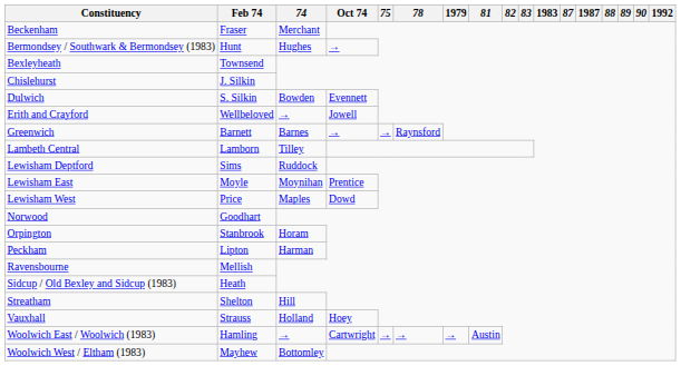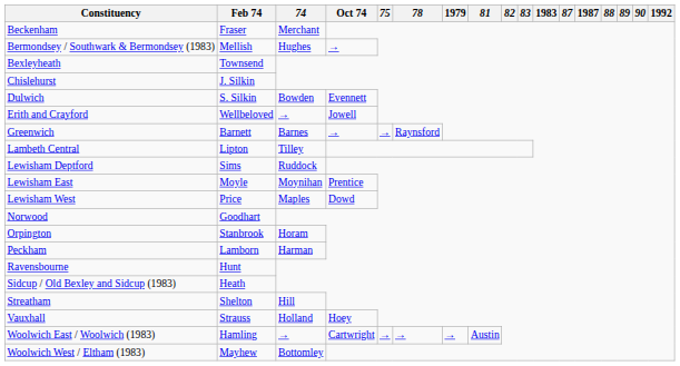 <table class="wikitable">
 <tr>
 <th>Constituency</th>
 <th>Feb 74</th>
 <th><em>74</em></th>
 <th>Oct 74</th>
 <th><em>75</em></th>
 <th><em>78</em></th>
 <th>1979</th>
 <th><em>81</em></th>
 <th><em>82</em></th>
 <th><em>83</em></th>
 <th>1983</th>
 <th><em>87</em></th>
 <th>1987</th>
 <th><em>88</em></th>
 <th><em>89</em></th>
 <th><em>90</em></th>
 <th>1992</th>
 </tr>
 <tr>
 <td><a href='#'>Beckenham</a></td>
 <td><a href='#'>Fraser</a></td>
 <td><a href='#'>Merchant</a></td>
 </tr>
 <tr>
 <td><a href='#'>Bermondsey</a> / <a href='#'>Southwark & Bermondsey</a> (1983)</td>
-<td><a href='#'>Hunt</a></td>
+<td><a href='#'>Mellish</a></td>
 <td><a href='#'>Hughes</a></td>
 <td><a href='#'>→</a></td>
 </tr>
 <tr>
 <td><a href='#'>Bexleyheath</a></td>
 <td><a href='#'>Townsend</a></td>
 </tr>
 <tr>
 <td><a href='#'>Chislehurst</a></td>
 <td><a href='#'>J. Silkin</a></td>
 </tr>
 <tr>
 <td><a href='#'>Dulwich</a></td>
 <td><a href='#'>S. Silkin</a></td>
 <td><a href='#'>Bowden</a></td>
 <td><a href='#'>Evennett</a></td>
 </tr>
 <tr>
 <td><a href='#'>Erith and Crayford</a></td>
 <td><a href='#'>Wellbeloved</a></td>
 <td><a href='#'>→</a></td>
 <td><a href='#'>Jowell</a></td>
 </tr>
 <tr>
 <td><a href='#'>Greenwich</a></td>
 <td><a href='#'>Barnett</a></td>
 <td><a href='#'>Barnes</a></td>
 <td><a href='#'>→</a></td>
 <td><a href='#'>→</a></td>
 <td><a href='#'>Raynsford</a></td>
 </tr>
 <tr>
 <td><a href='#'>Lambeth Central</a></td>
-<td><a href='#'>Lamborn</a></td>
+<td><a href='#'>Lipton</a></td>
 <td><a href='#'>Tilley</a></td>
 <td colspan="7"></td>
 </tr>
 <tr>
 <td><a href='#'>Lewisham Deptford</a></td>
 <td><a href='#'>Sims</a></td>
 <td><a href='#'>Ruddock</a></td>
 </tr>
 <tr>
 <td><a href='#'>Lewisham East</a></td>
 <td><a href='#'>Moyle</a></td>
 <td><a href='#'>Moynihan</a></td>
 <td><a href='#'>Prentice</a></td>
 </tr>
 <tr>
 <td><a href='#'>Lewisham West</a></td>
 <td><a href='#'>Price</a></td>
 <td><a href='#'>Maples</a></td>
 <td><a href='#'>Dowd</a></td>
 </tr>
 <tr>
 <td><a href='#'>Norwood</a></td>
 <td><a href='#'>Goodhart</a></td>
 </tr>
 <tr>
 <td><a href='#'>Orpington</a></td>
 <td><a href='#'>Stanbrook</a></td>
 <td><a href='#'>Horam</a></td>
 </tr>
 <tr>
 <td><a href='#'>Peckham</a></td>
-<td><a href='#'>Lipton</a></td>
+<td><a href='#'>Lamborn</a></td>
 <td><a href='#'>Harman</a></td>
 </tr>
 <tr>
 <td><a href='#'>Ravensbourne</a></td>
-<td><a href='#'>Mellish</a></td>
+<td><a href='#'>Hunt</a></td>
 </tr>
 <tr>
 <td><a href='#'>Sidcup</a> / <a href='#'>Old Bexley and Sidcup</a> (1983)</td>
 <td><a href='#'>Heath</a></td>
 </tr>
 <tr>
 <td><a href='#'>Streatham</a></td>
 <td><a href='#'>Shelton</a></td>
 <td><a href='#'>Hill</a></td>
 </tr>
 <tr>
 <td><a href='#'>Vauxhall</a></td>
 <td><a href='#'>Strauss</a></td>
 <td><a href='#'>Holland</a></td>
 <td><a href='#'>Hoey</a></td>
 </tr>
 <tr>
 <td><a href='#'>Woolwich East</a> / <a href='#'>Woolwich</a> (1983)</td>
 <td><a href='#'>Hamling</a></td>
 <td><a href='#'>→</a></td>
 <td><a href='#'>Cartwright</a></td>
 <td><a href='#'>→</a></td>
 <td><a href='#'>→</a></td>
 <td><a href='#'>→</a></td>
 <td><a href='#'>Austin</a></td>
 </tr>
 <tr>
 <td><a href='#'>Woolwich West</a> / <a href='#'>Eltham</a> (1983)</td>
 <td><a href='#'>Mayhew</a></td>
 <td><a href='#'>Bottomley</a></td>
 </tr>
 </table>
